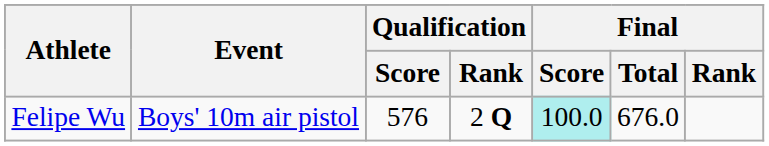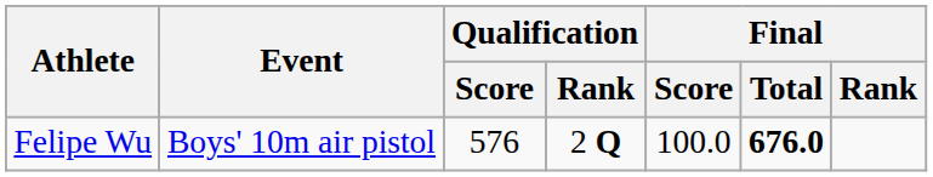 <table class="wikitable" style="font-size:90%">
 <tr>
 <th rowspan="2">Athlete</th>
 <th rowspan="2">Event</th>
 <th colspan="2">Qualification</th>
 <th colspan="3">Final</th>
 </tr>
 <tr>
 <th>Score</th>
 <th>Rank</th>
 <th>Score</th>
 <th>Total</th>
 <th>Rank</th>
 </tr>
 <tr>
 <td><a href='#'>Felipe Wu</a></td>
 <td><a href='#'>Boys' 10m air pistol</a></td>
 <td align=center>576</td>
 <td align=center>2 <strong>Q</strong></td>
-<td align=center style="background: paleturquoise;">100.0</td>
-<td align=center>676.0</td>
+<td align=center>100.0</td>
+<td align=center><strong>676.0</strong></td>
 <td align=center></td>
 </tr>
 </table>
